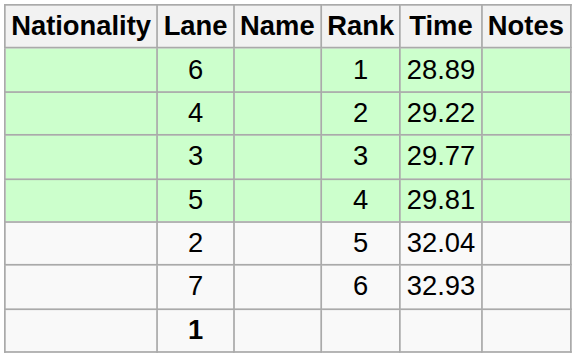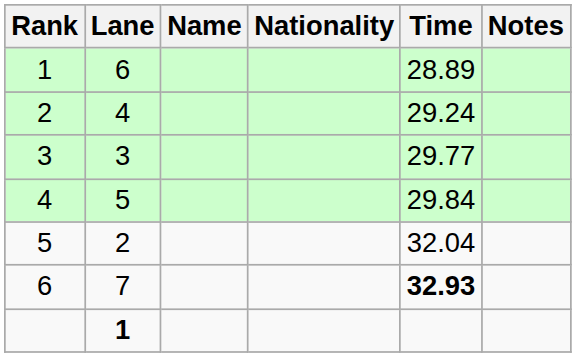 <table class="wikitable sortable" style="text-align:center">
 <tr>
-<th>Nationality</th>
+<th>Rank</th>
 <th>Lane</th>
 <th>Name</th>
-<th>Rank</th>
+<th>Nationality</th>
 <th>Time</th>
 <th>Notes</th>
 </tr>
 <tr bgcolor=ccffcc>
-<td align=left></td>
+<td>1</td>
 <td>6</td>
 <td align=left></td>
-<td>1</td>
+<td align=left></td>
 <td>28.89</td>
 <td><strong></strong></td>
 </tr>
 <tr bgcolor=ccffcc>
-<td align=left></td>
+<td>2</td>
 <td>4</td>
 <td align=left></td>
-<td>2</td>
-<td>29.22</td>
+<td align=left></td>
+<td>29.24</td>
 <td><strong></strong></td>
 </tr>
 <tr bgcolor=ccffcc>
-<td align=left></td>
+<td>3</td>
 <td>3</td>
 <td align=left></td>
-<td>3</td>
+<td align=left></td>
 <td>29.77</td>
 <td><strong></strong></td>
 </tr>
 <tr bgcolor=ccffcc>
-<td align=left></td>
+<td>4</td>
 <td>5</td>
 <td align=left></td>
-<td>4</td>
-<td>29.81</td>
+<td align=left></td>
+<td>29.84</td>
 <td><strong></strong></td>
 </tr>
 <tr>
-<td align=left></td>
+<td>5</td>
 <td>2</td>
 <td align=left></td>
-<td>5</td>
+<td align=left></td>
 <td>32.04</td>
 <td></td>
 </tr>
 <tr>
-<td align=left></td>
+<td>6</td>
 <td>7</td>
 <td align=left></td>
-<td>6</td>
-<td>32.93</td>
+<td align=left></td>
+<td><strong>32.93</strong></td>
 <td></td>
 </tr>
 <tr>
-<td align=left></td>
+<td></td>
 <td><strong>1</strong></td>
 <td align=left></td>
-<td></td>
+<td align=left></td>
 <td></td>
 <td><strong></strong></td>
 </tr>
 </table>
